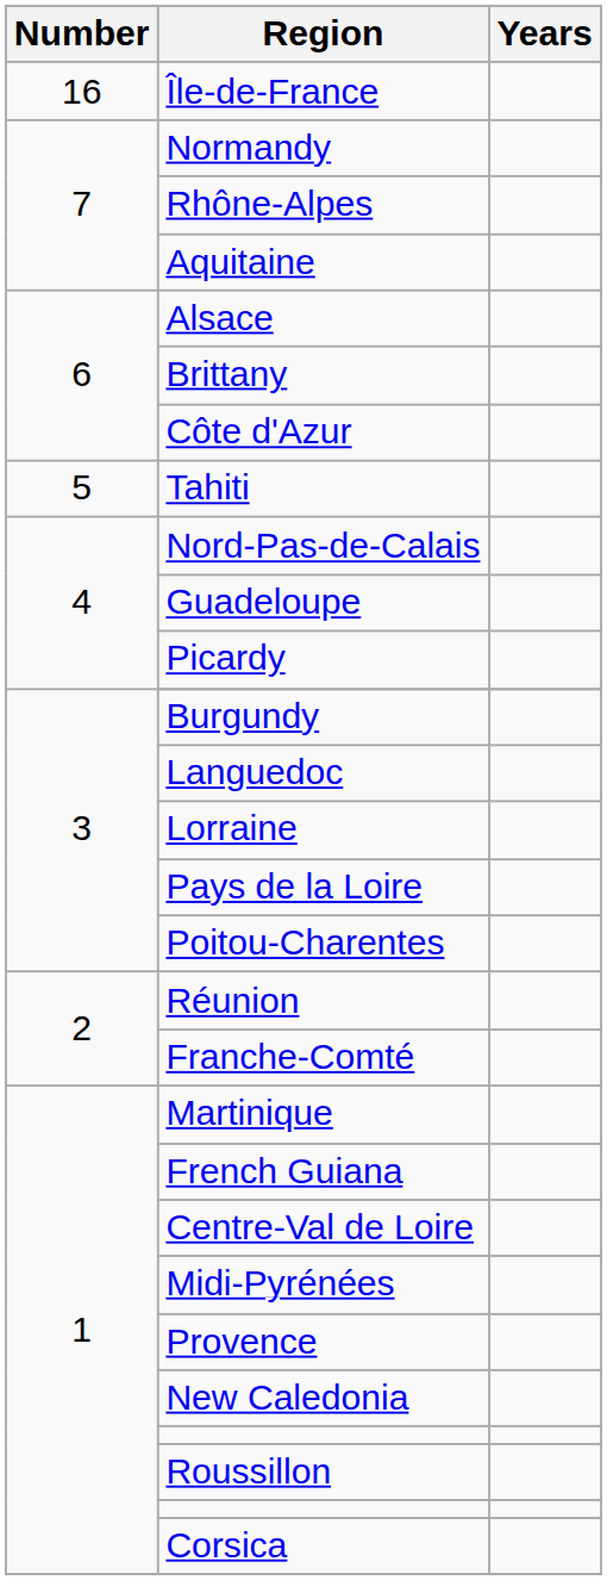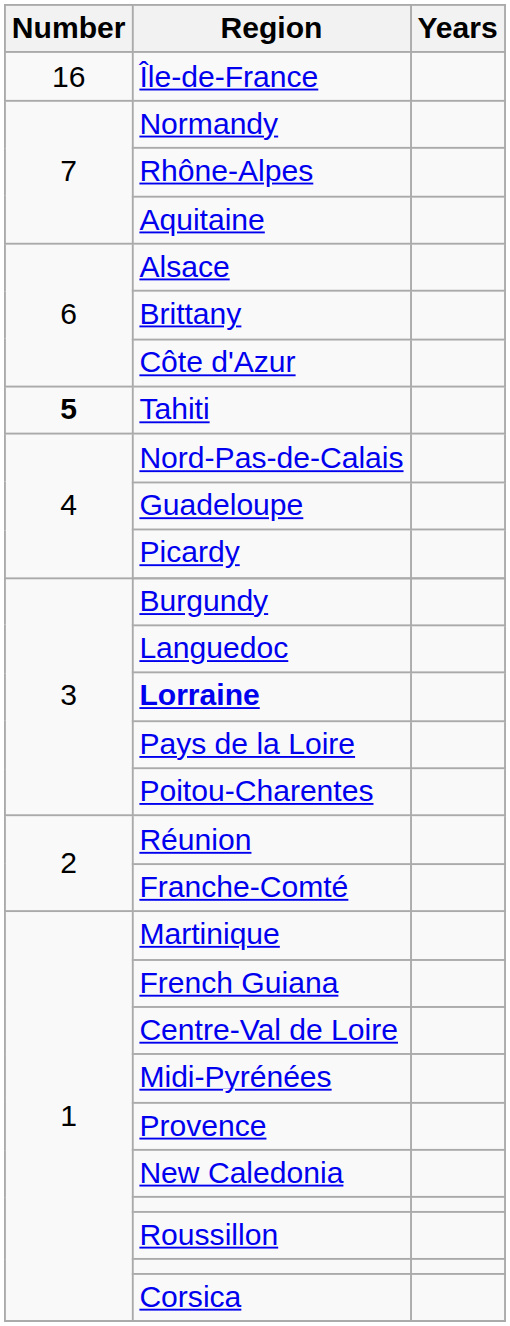 <table class="wikitable centre">
 <tr>
 <th>Number</th>
 <th>Region</th>
 <th>Years</th>
 </tr>
 <tr>
 <td rowspan="1" align="center">16</td>
 <td> <a href='#'>Île-de-France</a></td>
 <td></td>
 </tr>
 <tr>
 <td rowspan="3" align="center">7</td>
 <td> <a href='#'>Normandy</a></td>
 <td></td>
 </tr>
 <tr>
 <td> <a href='#'>Rhône-Alpes</a></td>
 <td></td>
 </tr>
 <tr>
 <td> <a href='#'>Aquitaine</a></td>
 <td></td>
 </tr>
 <tr>
 <td rowspan="3"align="center">6</td>
 <td> <a href='#'>Alsace</a></td>
 <td></td>
 </tr>
 <tr>
 <td> <a href='#'>Brittany</a></td>
 <td></td>
 </tr>
 <tr>
 <td> <a href='#'>Côte d'Azur</a></td>
 <td></td>
 </tr>
 <tr>
-<td rowspan="1" align="center">5</td>
+<td rowspan="1" align="center"><strong>5</strong></td>
 <td> <a href='#'>Tahiti</a></td>
 <td></td>
 </tr>
 <tr>
 <td rowspan="3" align="center">4</td>
 <td> <a href='#'>Nord-Pas-de-Calais</a></td>
 <td></td>
 </tr>
 <tr>
 <td> <a href='#'>Guadeloupe</a></td>
 <td></td>
 </tr>
 <tr>
 <td> <a href='#'>Picardy</a></td>
 <td></td>
 </tr>
 <tr>
 <td rowspan="6" align="center">3</td>
 </tr>
 <tr>
 <td> <a href='#'>Burgundy</a></td>
 <td></td>
 </tr>
 <tr>
 <td> <a href='#'>Languedoc</a></td>
 <td></td>
 </tr>
 <tr>
-<td> <a href='#'>Lorraine</a></td>
+<td><strong> <a href='#'>Lorraine</a></strong></td>
 <td></td>
 </tr>
 <tr>
 <td> <a href='#'>Pays de la Loire</a></td>
 <td></td>
 </tr>
 <tr>
 <td> <a href='#'>Poitou-Charentes</a></td>
 <td></td>
 </tr>
 <tr>
 <td rowspan="2" align="center">2</td>
 <td> <a href='#'>Réunion</a></td>
 <td></td>
 </tr>
 <tr>
 <td> <a href='#'>Franche-Comté</a></td>
 <td></td>
 </tr>
 <tr>
 <td rowspan="10" align="center">1</td>
 <td> <a href='#'>Martinique</a></td>
 <td></td>
 </tr>
 <tr>
 <td> <a href='#'>French Guiana</a></td>
 <td></td>
 </tr>
 <tr>
 <td> <a href='#'>Centre-Val de Loire</a></td>
 <td></td>
 </tr>
 <tr>
 <td> <a href='#'>Midi-Pyrénées</a></td>
 <td></td>
 </tr>
 <tr>
 <td> <a href='#'>Provence</a></td>
 <td></td>
 </tr>
 <tr>
 <td> <a href='#'>New Caledonia</a></td>
 <td></td>
 </tr>
 <tr>
 <td></td>
 <td></td>
 </tr>
 <tr>
 <td> <a href='#'>Roussillon</a></td>
 <td></td>
 </tr>
 <tr>
 <td></td>
 <td></td>
 </tr>
 <tr>
 <td> <a href='#'>Corsica</a></td>
 <td></td>
 </tr>
 <tr>
 </tr>
 </table>
